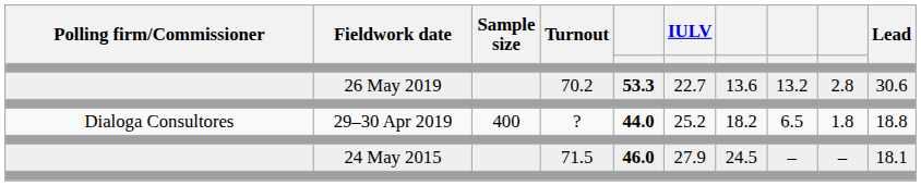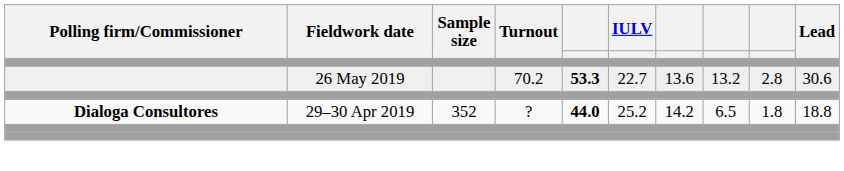 <table class="wikitable collapsible collapsed" style="text-align:center; font-size:95%; line-height:16px;">
 <tr style="height:42px;">
 <th style="width:250px;" rowspan="2">Polling firm/Commissioner</th>
 <th style="width:125px;" rowspan="2">Fieldwork date</th>
 <th style="width:50px;" rowspan="2">Sample size</th>
 <th style="width:45px;" rowspan="2">Turnout</th>
 <th style="width:35px;"></th>
 <th style="width:35px;"><a href='#'>IULV</a></th>
 <th style="width:35px;"></th>
 <th style="width:35px;"></th>
 <th style="width:35px;"></th>
 <th style="width:30px;" rowspan="2">Lead</th>
 </tr>
 <tr>
 <th style="color:inherit;background:"></th>
 <th style="color:inherit;background:"></th>
 <th style="color:inherit;background:"></th>
 <th style="color:inherit;background:"></th>
 <th style="color:inherit;background:"></th>
 </tr>
 <tr>
 <td colspan="10" style="background:#A0A0A0"></td>
 </tr>
 <tr style="background:#EFEFEF;">
 <td><strong></strong></td>
 <td>26 May 2019</td>
 <td></td>
 <td>70.2</td>
 <td><strong>53.3</strong><br></td>
 <td>22.7<br></td>
 <td>13.6<br></td>
 <td>13.2<br></td>
 <td>2.8<br></td>
 <td style="background:">30.6</td>
 </tr>
 <tr>
 <td colspan="10" style="background:#A0A0A0"></td>
 </tr>
 <tr>
-<td>Dialoga Consultores</td>
+<td><strong>Dialoga Consultores</strong></td>
 <td>29–30 Apr 2019</td>
-<td>400</td>
+<td>352</td>
 <td>?</td>
 <td><strong>44.0</strong><br></td>
 <td>25.2<br></td>
-<td>18.2<br></td>
+<td>14.2<br></td>
 <td>6.5<br></td>
 <td>1.8<br></td>
 <td style="background:">18.8</td>
 </tr>
 <tr>
 <td colspan="10" style="background:#A0A0A0"></td>
 </tr>
-<tr style="background:#EFEFEF;">
-<td><strong></strong></td>
-<td>24 May 2015</td>
-<td></td>
-<td>71.5</td>
-<td><strong>46.0</strong><br></td>
-<td>27.9<br></td>
-<td>24.5<br></td>
-<td>–</td>
-<td>–</td>
-<td style="background:">18.1</td>
-</tr>
 <tr>
 <td colspan="10" style="background:#A0A0A0"></td>
 </tr>
 </table>
